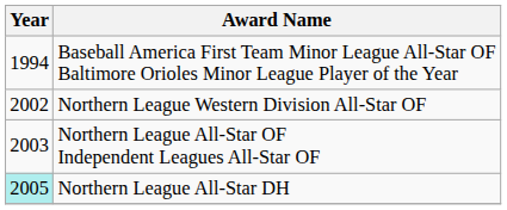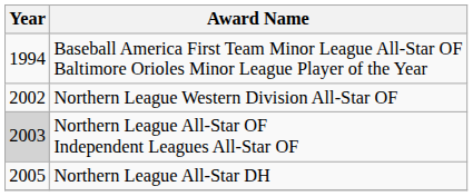 <table class="wikitable">
 <tr>
 <th>Year</th>
 <th>Award Name</th>
 </tr>
 <tr>
 <td>1994</td>
 <td>Baseball America First Team Minor League All-Star OF<br>Baltimore Orioles Minor League Player of the Year</td>
 </tr>
 <tr>
 <td>2002</td>
 <td>Northern League Western Division All-Star OF</td>
 </tr>
 <tr>
-<td>2003</td>
+<td style="background: lightgrey;">2003</td>
 <td>Northern League All-Star OF<br>Independent Leagues All-Star OF</td>
 </tr>
 <tr>
-<td style="background: paleturquoise;">2005</td>
+<td>2005</td>
 <td>Northern League All-Star DH</td>
 </tr>
 <tr>
 </tr>
 </table>
